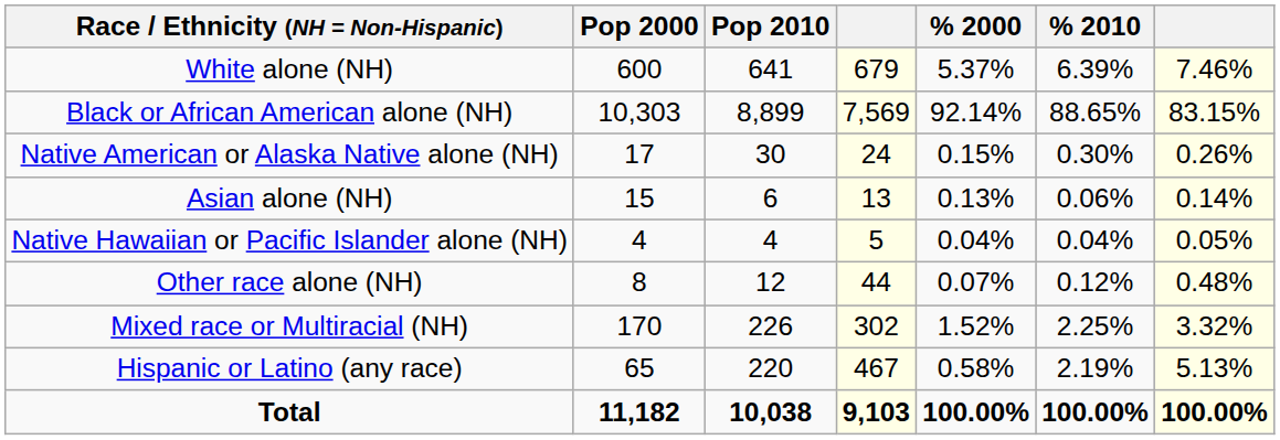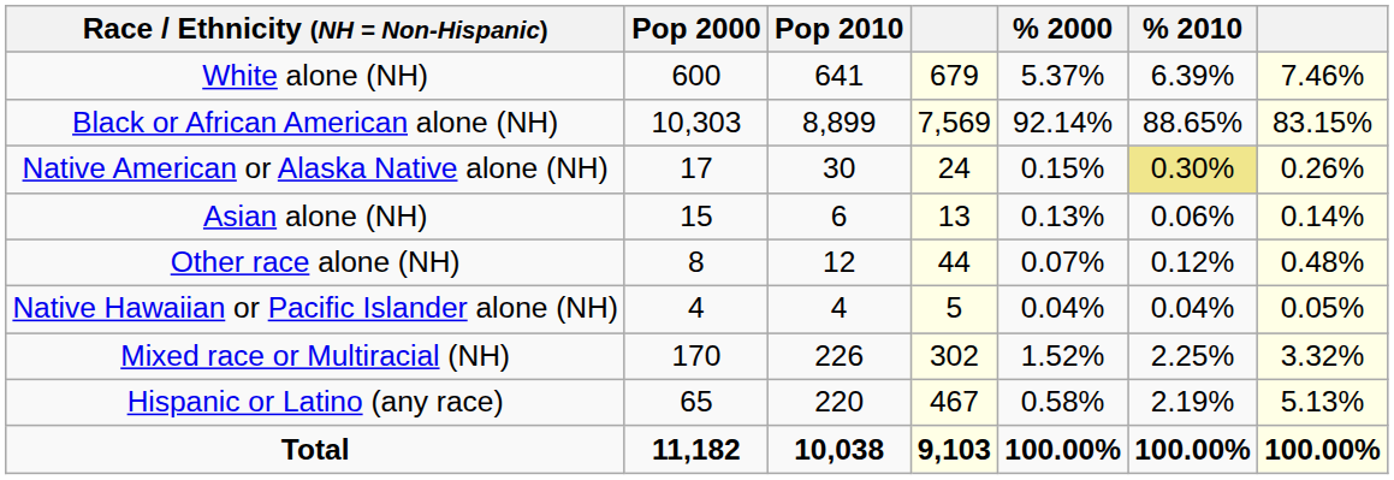 <table class="wikitable" style="text-align:center;">
 <tr>
 <th>Race / Ethnicity <small>(<em>NH = Non-Hispanic</em>)</small></th>
 <th>Pop 2000</th>
 <th>Pop 2010</th>
 <th></th>
 <th>% 2000</th>
 <th>% 2010</th>
 <th></th>
 </tr>
 <tr>
 <td><a href='#'>White</a> alone (NH)</td>
 <td>600</td>
 <td>641</td>
 <td style='background: #ffffe6;'>679</td>
 <td>5.37%</td>
 <td>6.39%</td>
 <td style='background: #ffffe6;'>7.46%</td>
 </tr>
 <tr>
 <td><a href='#'>Black or African American</a> alone (NH)</td>
 <td>10,303</td>
 <td>8,899</td>
 <td style='background: #ffffe6;'>7,569</td>
 <td>92.14%</td>
 <td>88.65%</td>
 <td style='background: #ffffe6;'>83.15%</td>
 </tr>
 <tr>
 <td><a href='#'>Native American</a> or <a href='#'>Alaska Native</a> alone (NH)</td>
 <td>17</td>
 <td>30</td>
 <td style='background: #ffffe6;'>24</td>
 <td>0.15%</td>
-<td>0.30%</td>
+<td style="background: khaki;">0.30%</td>
 <td style='background: #ffffe6;'>0.26%</td>
 </tr>
 <tr>
 <td><a href='#'>Asian</a> alone (NH)</td>
 <td>15</td>
 <td>6</td>
 <td style='background: #ffffe6;'>13</td>
 <td>0.13%</td>
 <td>0.06%</td>
 <td style='background: #ffffe6;'>0.14%</td>
 </tr>
 <tr>
+<td><a href='#'>Other race</a> alone (NH)</td>
+<td>8</td>
+<td>12</td>
+<td style='background: #ffffe6;'>44</td>
+<td>0.07%</td>
+<td>0.12%</td>
+<td style='background: #ffffe6;'>0.48%</td>
+</tr>
+<tr>
 <td><a href='#'>Native Hawaiian</a> or <a href='#'>Pacific Islander</a> alone (NH)</td>
 <td>4</td>
 <td>4</td>
 <td style='background: #ffffe6;'>5</td>
 <td>0.04%</td>
 <td>0.04%</td>
 <td style='background: #ffffe6;'>0.05%</td>
-</tr>
-<tr>
-<td><a href='#'>Other race</a> alone (NH)</td>
-<td>8</td>
-<td>12</td>
-<td style='background: #ffffe6;'>44</td>
-<td>0.07%</td>
-<td>0.12%</td>
-<td style='background: #ffffe6;'>0.48%</td>
 </tr>
 <tr>
 <td><a href='#'>Mixed race or Multiracial</a> (NH)</td>
 <td>170</td>
 <td>226</td>
 <td style='background: #ffffe6;'>302</td>
 <td>1.52%</td>
 <td>2.25%</td>
 <td style='background: #ffffe6;'>3.32%</td>
 </tr>
 <tr>
 <td><a href='#'>Hispanic or Latino</a> (any race)</td>
 <td>65</td>
 <td>220</td>
 <td style='background: #ffffe6;'>467</td>
 <td>0.58%</td>
 <td>2.19%</td>
 <td style='background: #ffffe6;'>5.13%</td>
 </tr>
 <tr>
 <td><strong>Total</strong></td>
 <td><strong>11,182</strong></td>
 <td><strong>10,038</strong></td>
 <td style='background: #ffffe6;'><strong>9,103</strong></td>
 <td><strong>100.00%</strong></td>
 <td><strong>100.00%</strong></td>
 <td style='background: #ffffe6;'><strong>100.00%</strong></td>
 </tr>
 </table>
